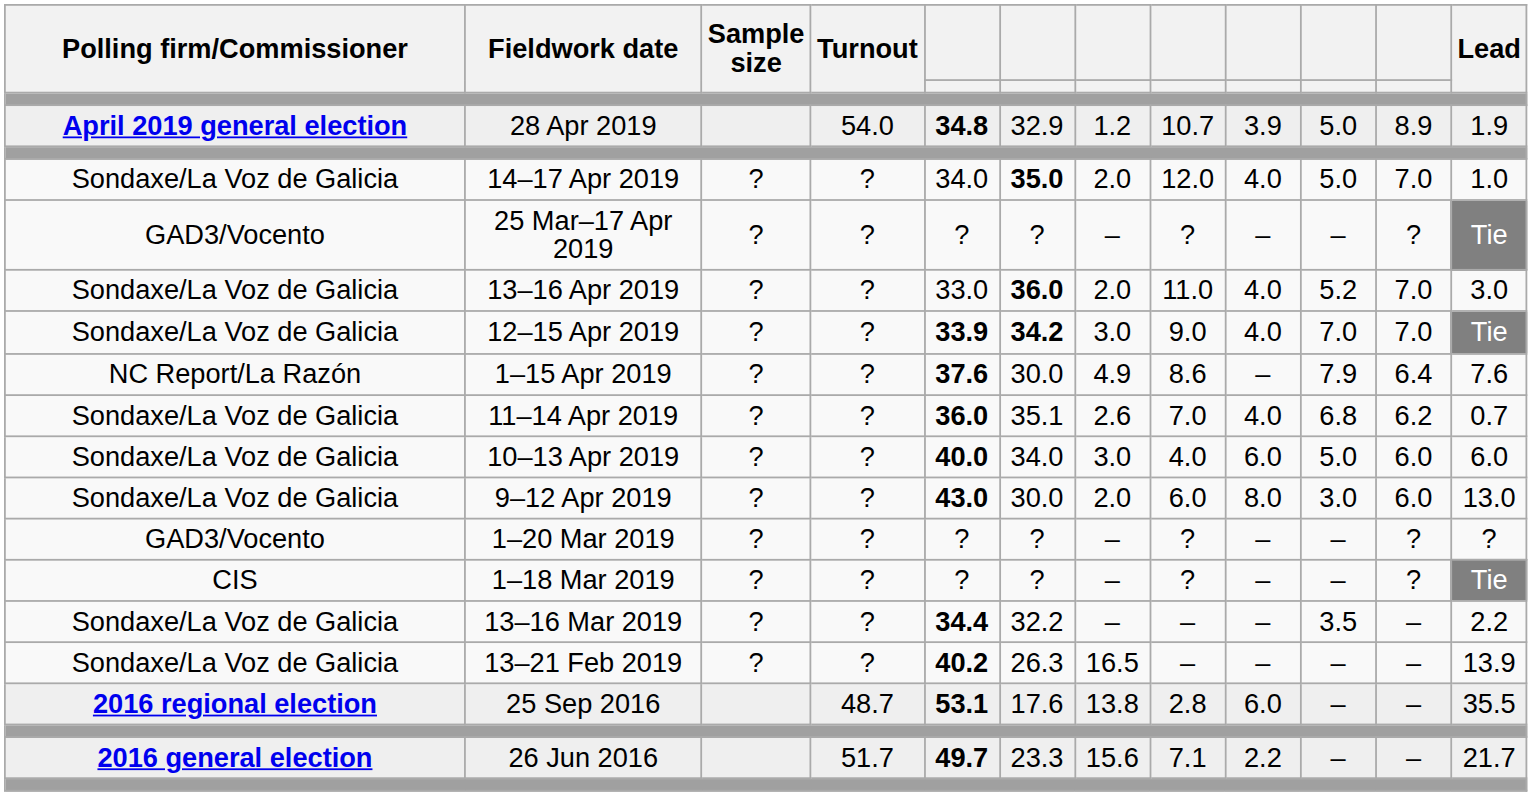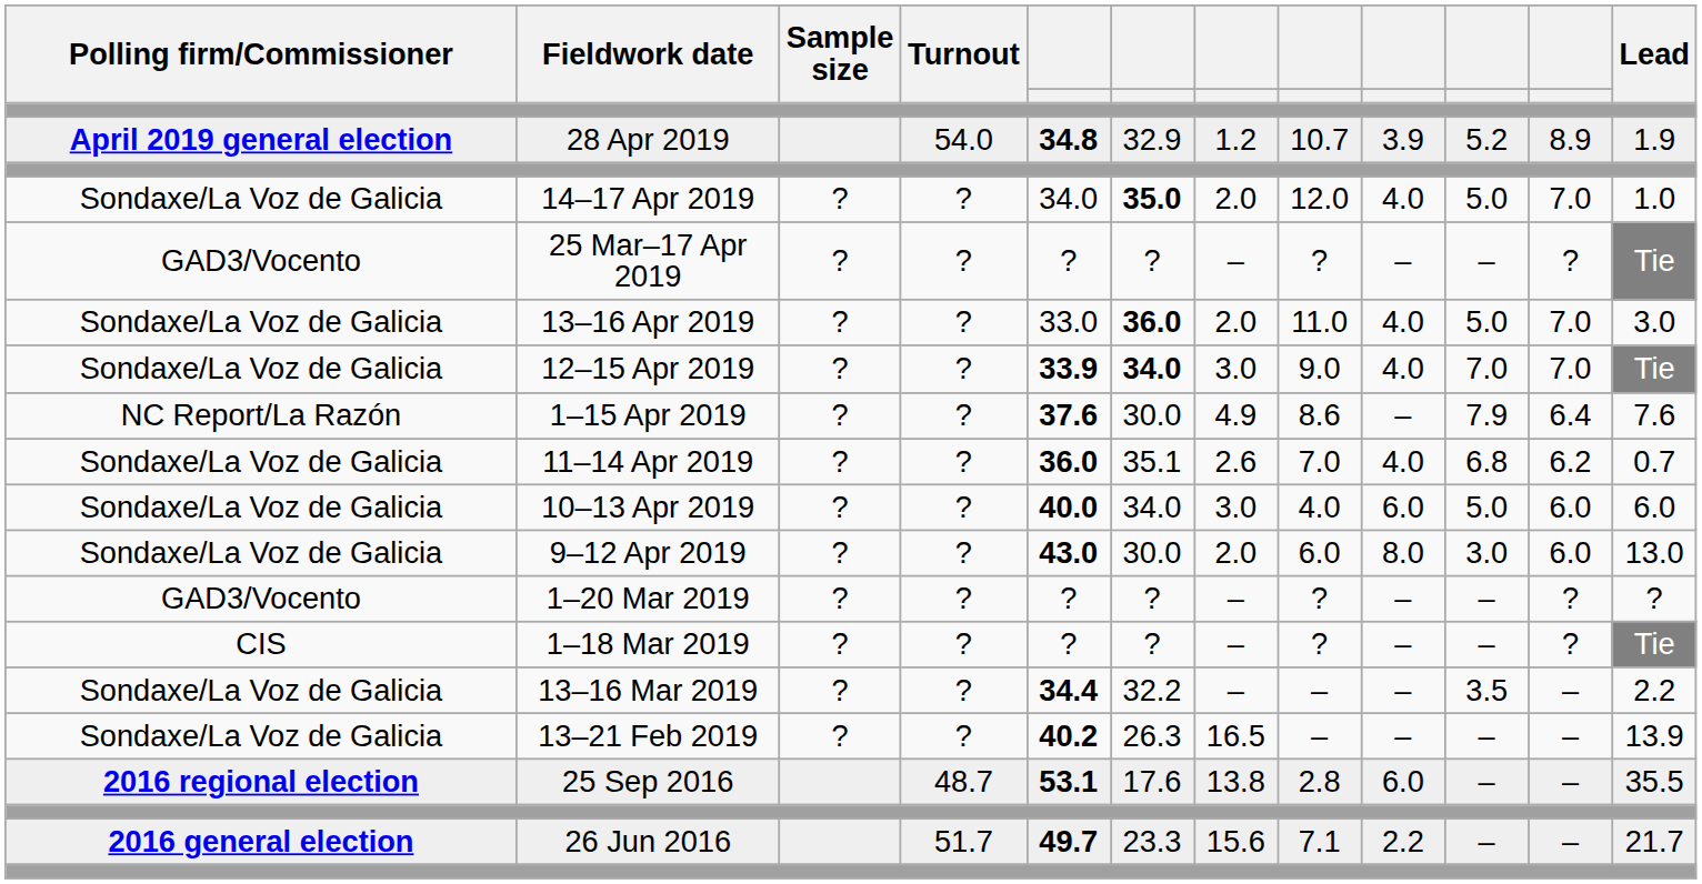 <table class="wikitable collapsible collapsed" style="text-align:center; font-size:95%; line-height:16px;">
 <tr style="height:42px;">
 <th style="width:250px;" rowspan="2">Polling firm/Commissioner</th>
 <th style="width:125px;" rowspan="2">Fieldwork date</th>
 <th style="width:50px;" rowspan="2">Sample size</th>
 <th style="width:45px;" rowspan="2">Turnout</th>
 <th style="width:35px;"></th>
 <th style="width:35px;"></th>
 <th style="width:35px;"></th>
 <th style="width:35px;"></th>
 <th style="width:35px;"></th>
 <th style="width:35px;"></th>
 <th style="width:35px;"></th>
 <th style="width:30px;" rowspan="2">Lead</th>
 </tr>
 <tr>
 <th style="color:inherit;background:"></th>
 <th style="color:inherit;background:"></th>
 <th style="color:inherit;background:"></th>
 <th style="color:inherit;background:"></th>
 <th style="color:inherit;background:"></th>
 <th style="color:inherit;background:"></th>
 <th style="color:inherit;background:"></th>
 </tr>
 <tr>
 <td colspan="12" style="background:#A0A0A0"></td>
 </tr>
 <tr style="background:#EFEFEF;">
 <td><strong><a href='#'>April 2019 general election</a></strong></td>
 <td>28 Apr 2019</td>
 <td></td>
 <td>54.0</td>
 <td><strong>34.8</strong><br></td>
 <td>32.9<br></td>
 <td>1.2<br></td>
 <td>10.7<br></td>
 <td>3.9<br></td>
-<td>5.0<br></td>
+<td>5.2<br></td>
 <td>8.9<br></td>
 <td style="background:">1.9</td>
 </tr>
 <tr>
 <td colspan="12" style="background:#A0A0A0"></td>
 </tr>
 <tr>
 <td>Sondaxe/La Voz de Galicia</td>
 <td>14–17 Apr 2019</td>
 <td>?</td>
 <td>?</td>
 <td>34.0<br></td>
 <td><strong>35.0</strong><br></td>
 <td>2.0<br></td>
 <td>12.0<br></td>
 <td>4.0<br></td>
 <td>5.0<br></td>
 <td>7.0<br></td>
 <td style="background:">1.0</td>
 </tr>
 <tr>
 <td>GAD3/Vocento</td>
 <td>25 Mar–17 Apr 2019</td>
 <td>?</td>
 <td>?</td>
 <td>?<br></td>
 <td>?<br></td>
 <td>–</td>
 <td>?<br></td>
 <td>–</td>
 <td>–</td>
 <td>?<br></td>
 <td style="background:gray;color:white;">Tie</td>
 </tr>
 <tr>
 <td>Sondaxe/La Voz de Galicia</td>
 <td>13–16 Apr 2019</td>
 <td>?</td>
 <td>?</td>
 <td>33.0<br></td>
 <td><strong>36.0</strong><br></td>
 <td>2.0<br></td>
 <td>11.0<br></td>
 <td>4.0<br></td>
-<td>5.2<br></td>
+<td>5.0<br></td>
 <td>7.0<br></td>
 <td style="background:">3.0</td>
 </tr>
 <tr>
 <td>Sondaxe/La Voz de Galicia</td>
 <td>12–15 Apr 2019</td>
 <td>?</td>
 <td>?</td>
 <td><strong>33.9</strong><br></td>
-<td><strong>34.2</strong><br></td>
+<td><strong>34.0</strong><br></td>
 <td>3.0<br></td>
 <td>9.0<br></td>
 <td>4.0<br></td>
 <td>7.0<br></td>
 <td>7.0<br></td>
 <td style="background:gray;color:white;">Tie</td>
 </tr>
 <tr>
 <td>NC Report/La Razón</td>
 <td>1–15 Apr 2019</td>
 <td>?</td>
 <td>?</td>
 <td><strong>37.6</strong><br></td>
 <td>30.0<br></td>
 <td>4.9<br></td>
 <td>8.6<br></td>
 <td>–</td>
 <td>7.9<br></td>
 <td>6.4<br></td>
 <td style="background:">7.6</td>
 </tr>
 <tr>
 <td>Sondaxe/La Voz de Galicia</td>
 <td>11–14 Apr 2019</td>
 <td>?</td>
 <td>?</td>
 <td><strong>36.0</strong><br></td>
 <td>35.1<br></td>
 <td>2.6<br></td>
 <td>7.0<br></td>
 <td>4.0<br></td>
 <td>6.8<br></td>
 <td>6.2<br></td>
 <td style="background:">0.7</td>
 </tr>
 <tr>
 <td>Sondaxe/La Voz de Galicia</td>
 <td>10–13 Apr 2019</td>
 <td>?</td>
 <td>?</td>
 <td><strong>40.0</strong><br></td>
 <td>34.0<br></td>
 <td>3.0<br></td>
 <td>4.0<br></td>
 <td>6.0<br></td>
 <td>5.0<br></td>
 <td>6.0<br></td>
 <td style="background:">6.0</td>
 </tr>
 <tr>
 <td>Sondaxe/La Voz de Galicia</td>
 <td>9–12 Apr 2019</td>
 <td>?</td>
 <td>?</td>
 <td><strong>43.0</strong><br></td>
 <td>30.0<br></td>
 <td>2.0<br></td>
 <td>6.0<br></td>
 <td>8.0<br></td>
 <td>3.0<br></td>
 <td>6.0<br></td>
 <td style="background:">13.0</td>
 </tr>
 <tr>
 <td>GAD3/Vocento</td>
 <td>1–20 Mar 2019</td>
 <td>?</td>
 <td>?</td>
 <td>?<br></td>
 <td>?<br></td>
 <td>–</td>
 <td>?<br></td>
 <td>–</td>
 <td>–</td>
 <td>?<br></td>
 <td style="background:">?</td>
 </tr>
 <tr>
 <td>CIS</td>
 <td>1–18 Mar 2019</td>
 <td>?</td>
 <td>?</td>
 <td>?<br></td>
 <td>?<br></td>
 <td>–</td>
 <td>?<br></td>
 <td>–</td>
 <td>–</td>
 <td>?<br></td>
 <td style="background:gray;color:white;">Tie</td>
 </tr>
 <tr>
 <td>Sondaxe/La Voz de Galicia</td>
 <td>13–16 Mar 2019</td>
 <td>?</td>
 <td>?</td>
 <td><strong>34.4</strong><br></td>
 <td>32.2<br></td>
 <td>–</td>
 <td>–</td>
 <td>–</td>
 <td>3.5<br></td>
 <td>–</td>
 <td style="background:">2.2</td>
 </tr>
 <tr>
 <td>Sondaxe/La Voz de Galicia</td>
 <td>13–21 Feb 2019</td>
 <td>?</td>
 <td>?</td>
 <td><strong>40.2</strong><br></td>
 <td>26.3<br></td>
 <td>16.5<br></td>
 <td>–</td>
 <td>–</td>
 <td>–</td>
 <td>–</td>
 <td style="background:">13.9</td>
 </tr>
 <tr style="background:#EFEFEF;">
 <td><strong><a href='#'>2016 regional election</a></strong></td>
 <td>25 Sep 2016</td>
 <td></td>
 <td>48.7</td>
 <td><strong>53.1</strong><br></td>
 <td>17.6<br></td>
 <td>13.8<br></td>
 <td>2.8<br></td>
 <td>6.0<br></td>
 <td>–</td>
 <td>–</td>
 <td style="background:">35.5</td>
 </tr>
 <tr>
 <td colspan="12" style="background:#A0A0A0"></td>
 </tr>
 <tr style="background:#EFEFEF;">
 <td><strong><a href='#'>2016 general election</a></strong></td>
 <td>26 Jun 2016</td>
 <td></td>
 <td>51.7</td>
 <td><strong>49.7</strong><br></td>
 <td>23.3<br></td>
 <td>15.6<br></td>
 <td>7.1<br></td>
 <td>2.2<br></td>
 <td>–</td>
 <td>–</td>
 <td style="background:">21.7</td>
 </tr>
 <tr>
 <td colspan="12" style="background:#A0A0A0"></td>
 </tr>
 </table>
